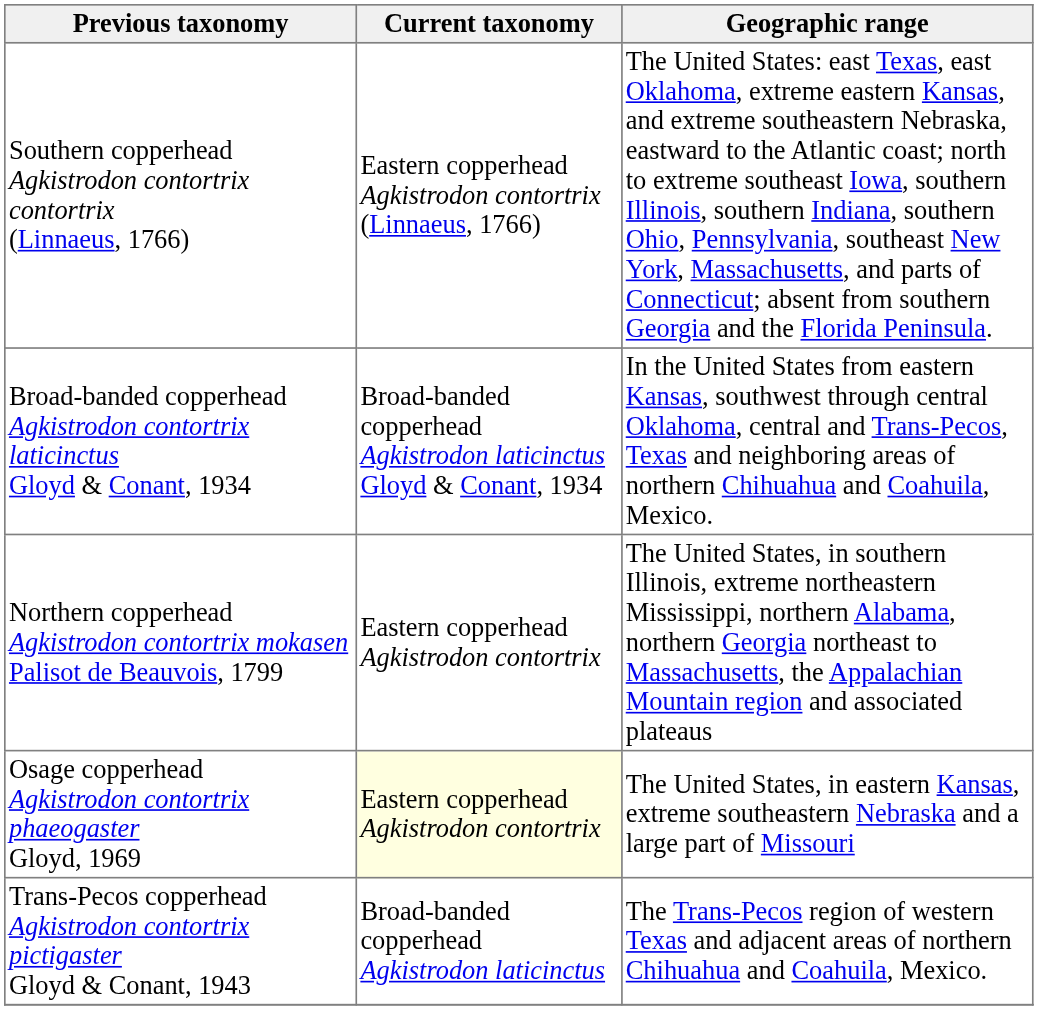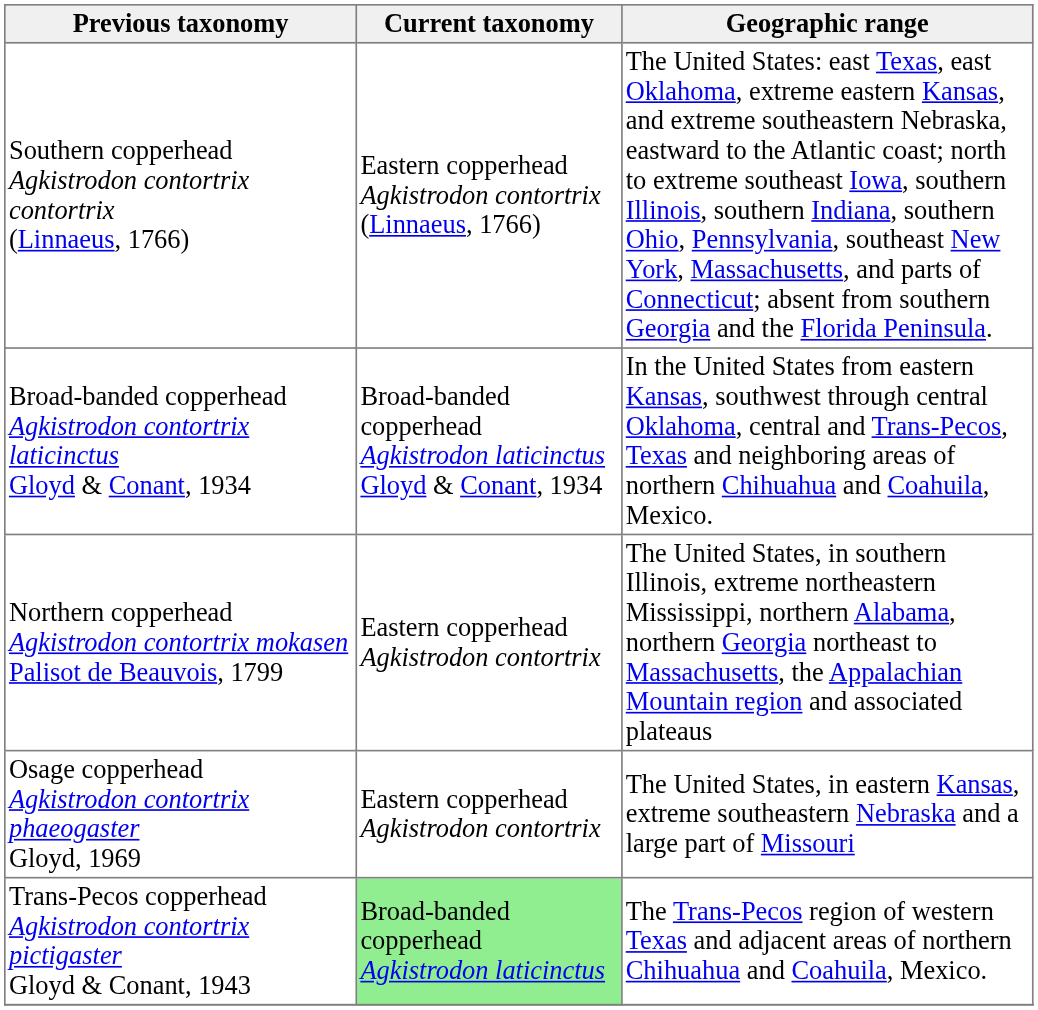 <table cellspacing=0 cellpadding=2 border=1 style="border-collapse: collapse;">
 <tr>
 <th bgcolor="#f0f0f0">Previous taxonomy</th>
 <th bgcolor="#f0f0f0">Current taxonomy</th>
 <th bgcolor="#f0f0f0">Geographic range</th>
 </tr>
 <tr>
 <td>Southern copperhead<br><em>Agkistrodon contortrix contortrix</em><br>(<a href='#'>Linnaeus</a>, 1766)</td>
 <td>Eastern copperhead<br><em>Agkistrodon contortrix</em><br>(<a href='#'>Linnaeus</a>, 1766)</td>
 <td style="width:40%">The United States: east <a href='#'>Texas</a>, east <a href='#'>Oklahoma</a>, extreme eastern <a href='#'>Kansas</a>, and extreme southeastern Nebraska, eastward to the Atlantic coast; north to extreme southeast <a href='#'>Iowa</a>, southern <a href='#'>Illinois</a>, southern <a href='#'>Indiana</a>, southern <a href='#'>Ohio</a>, <a href='#'>Pennsylvania</a>, southeast <a href='#'>New York</a>, <a href='#'>Massachusetts</a>, and parts of <a href='#'>Connecticut</a>; absent from southern <a href='#'>Georgia</a> and the <a href='#'>Florida Peninsula</a>.</td>
 </tr>
 <tr>
 <td>Broad-banded copperhead<br><em><a href='#'>Agkistrodon contortrix laticinctus</a></em><br><a href='#'>Gloyd</a> & <a href='#'>Conant</a>, 1934</td>
 <td>Broad-banded copperhead<br><em><a href='#'>Agkistrodon laticinctus</a></em><br><a href='#'>Gloyd</a> & <a href='#'>Conant</a>, 1934</td>
 <td>In the United States from eastern <a href='#'>Kansas</a>, southwest through central <a href='#'>Oklahoma</a>, central and <a href='#'>Trans-Pecos</a>, <a href='#'>Texas</a> and neighboring areas of northern <a href='#'>Chihuahua</a> and <a href='#'>Coahuila</a>, Mexico.</td>
 </tr>
 <tr>
 <td>Northern copperhead<br><em><a href='#'>Agkistrodon contortrix mokasen</a></em><br><a href='#'>Palisot de Beauvois</a>, 1799</td>
 <td>Eastern copperhead<br><em>Agkistrodon contortrix</em></td>
 <td>The United States, in southern Illinois, extreme northeastern Mississippi, northern <a href='#'>Alabama</a>, northern <a href='#'>Georgia</a> northeast to <a href='#'>Massachusetts</a>, the <a href='#'>Appalachian Mountain region</a> and associated plateaus</td>
 </tr>
 <tr>
 <td>Osage copperhead<br><em><a href='#'>Agkistrodon contortrix phaeogaster</a></em><br>Gloyd, 1969</td>
-<td style="background: lightyellow;">Eastern copperhead<br><em>Agkistrodon contortrix</em></td>
+<td>Eastern copperhead<br><em>Agkistrodon contortrix</em></td>
 <td>The United States, in eastern <a href='#'>Kansas</a>, extreme southeastern <a href='#'>Nebraska</a> and a large part of <a href='#'>Missouri</a></td>
 </tr>
 <tr>
 <td>Trans-Pecos copperhead<br><em><a href='#'>Agkistrodon contortrix pictigaster</a></em><br>Gloyd & Conant, 1943</td>
-<td>Broad-banded copperhead<br><em><a href='#'>Agkistrodon laticinctus</a></em></td>
+<td style="background: lightgreen;">Broad-banded copperhead<br><em><a href='#'>Agkistrodon laticinctus</a></em></td>
 <td>The <a href='#'>Trans-Pecos</a> region of western <a href='#'>Texas</a> and adjacent areas of northern <a href='#'>Chihuahua</a> and <a href='#'>Coahuila</a>, Mexico.</td>
 </tr>
 <tr>
 </tr>
 </table>
